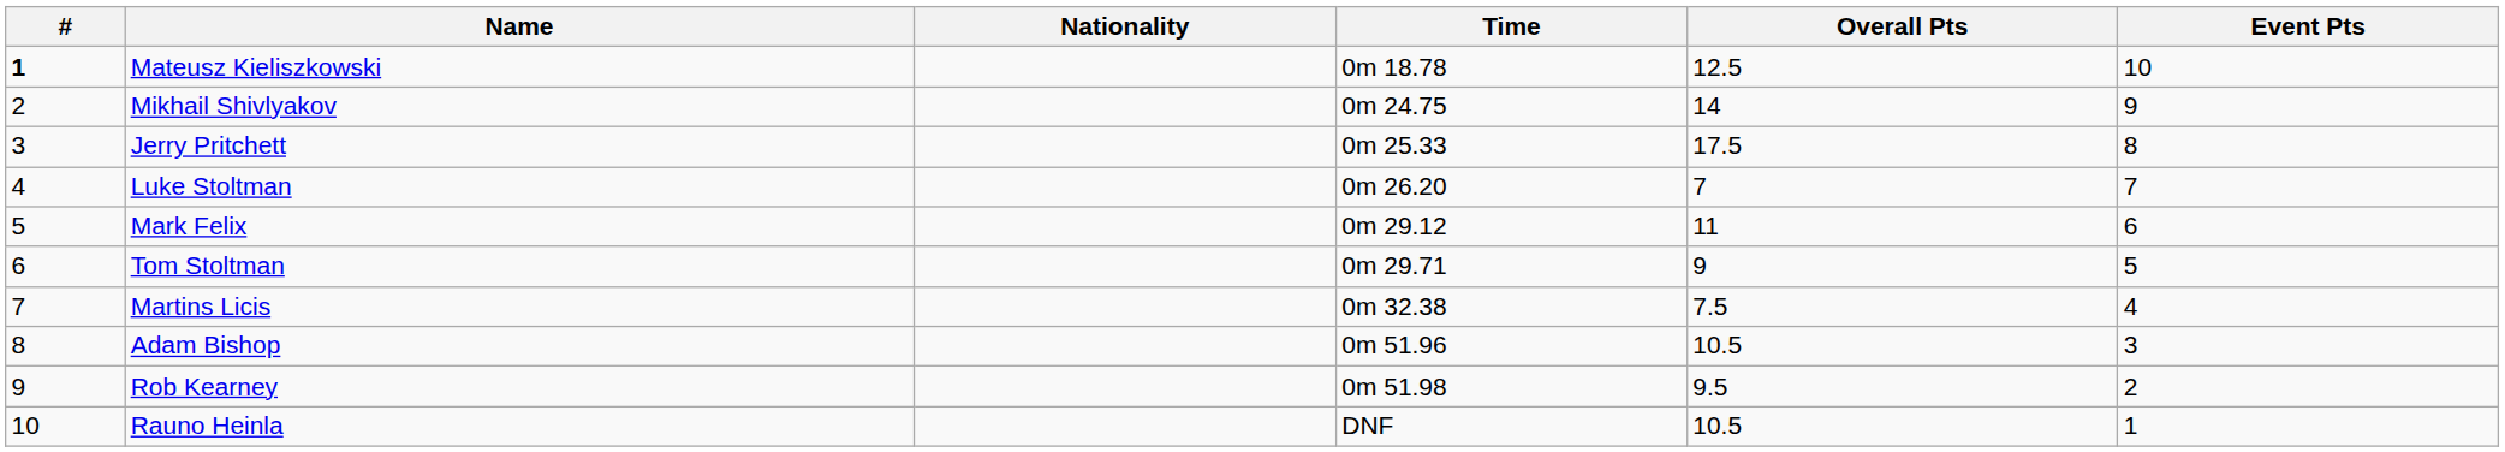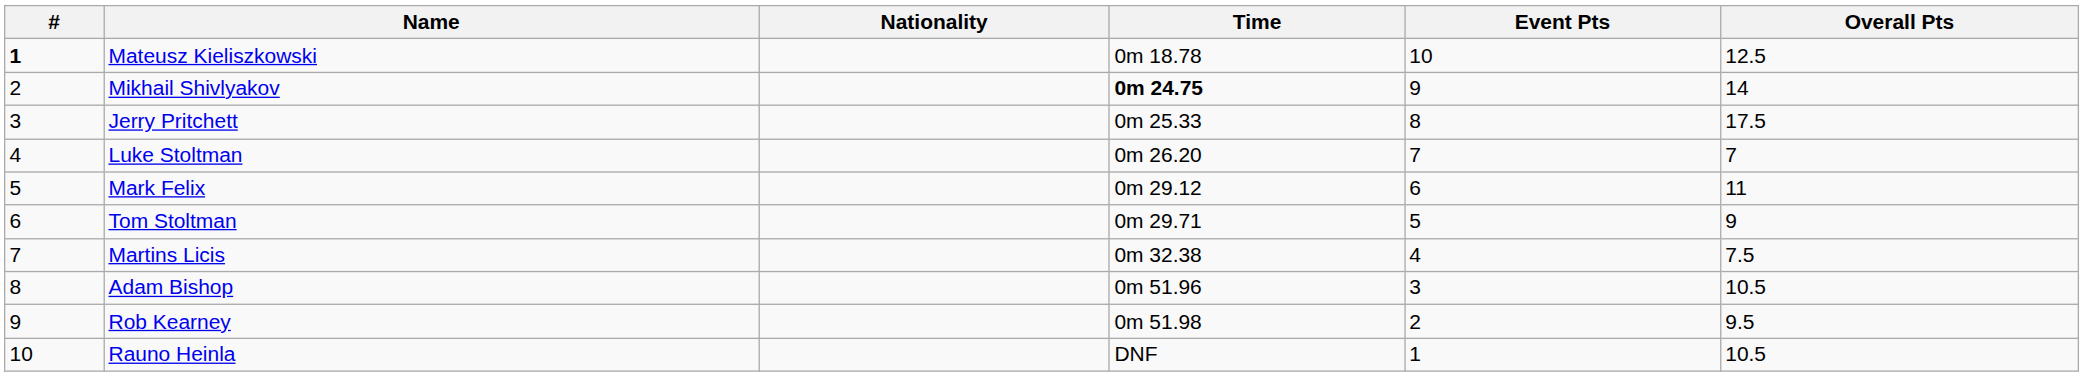 <table class="wikitable sortable" style="display: inline-table;width: 100%;">
 <tr>
 <th>#</th>
 <th>Name</th>
 <th>Nationality</th>
 <th>Time</th>
+<th>Event Pts</th>
 <th>Overall Pts</th>
-<th>Event Pts</th>
 </tr>
 <tr>
 <td><strong>1</strong></td>
 <td><a href='#'>Mateusz Kieliszkowski</a></td>
 <td></td>
 <td>0m 18.78</td>
+<td>10</td>
 <td>12.5</td>
-<td>10</td>
 </tr>
 <tr>
 <td>2</td>
 <td><a href='#'>Mikhail Shivlyakov</a></td>
 <td></td>
-<td>0m 24.75</td>
+<td><strong>0m 24.75</strong></td>
+<td>9</td>
 <td>14</td>
-<td>9</td>
 </tr>
 <tr>
 <td>3</td>
 <td><a href='#'>Jerry Pritchett</a></td>
 <td></td>
 <td>0m 25.33</td>
+<td>8</td>
 <td>17.5</td>
-<td>8</td>
 </tr>
 <tr>
 <td>4</td>
 <td><a href='#'>Luke Stoltman</a></td>
 <td></td>
 <td>0m 26.20</td>
 <td>7</td>
 <td>7</td>
 </tr>
 <tr>
 <td>5</td>
 <td><a href='#'>Mark Felix</a></td>
 <td></td>
 <td>0m 29.12</td>
+<td>6</td>
 <td>11</td>
-<td>6</td>
 </tr>
 <tr>
 <td>6</td>
 <td><a href='#'>Tom Stoltman</a></td>
 <td></td>
 <td>0m 29.71</td>
+<td>5</td>
 <td>9</td>
-<td>5</td>
 </tr>
 <tr>
 <td>7</td>
 <td><a href='#'>Martins Licis</a></td>
 <td></td>
 <td>0m 32.38</td>
+<td>4</td>
 <td>7.5</td>
-<td>4</td>
 </tr>
 <tr>
 <td>8</td>
 <td><a href='#'>Adam Bishop</a></td>
 <td></td>
 <td>0m 51.96</td>
+<td>3</td>
 <td>10.5</td>
-<td>3</td>
 </tr>
 <tr>
 <td>9</td>
 <td><a href='#'>Rob Kearney</a></td>
 <td></td>
 <td>0m 51.98</td>
+<td>2</td>
 <td>9.5</td>
-<td>2</td>
 </tr>
 <tr>
 <td>10</td>
 <td><a href='#'>Rauno Heinla</a></td>
 <td></td>
 <td>DNF </td>
+<td>1</td>
 <td>10.5</td>
-<td>1</td>
 </tr>
 </table>
